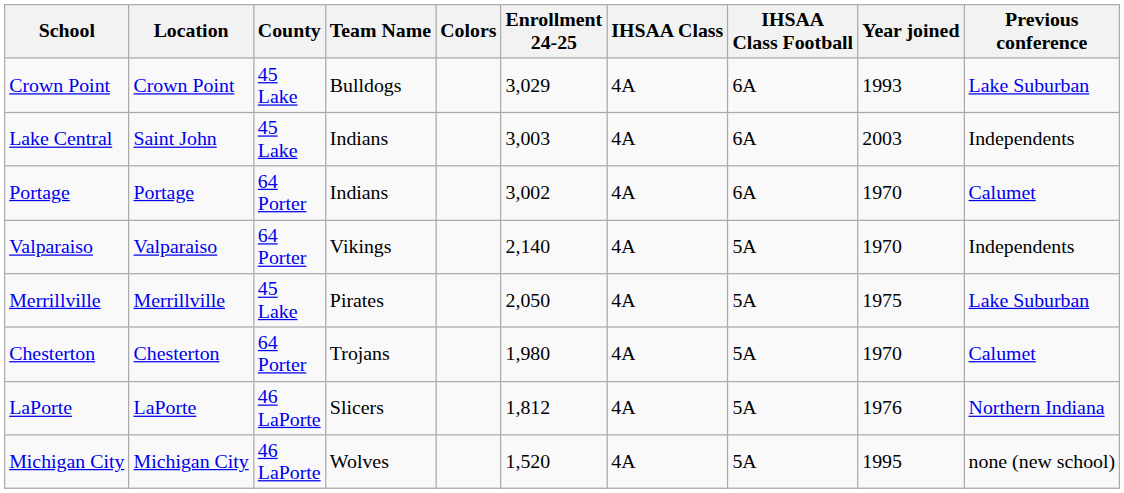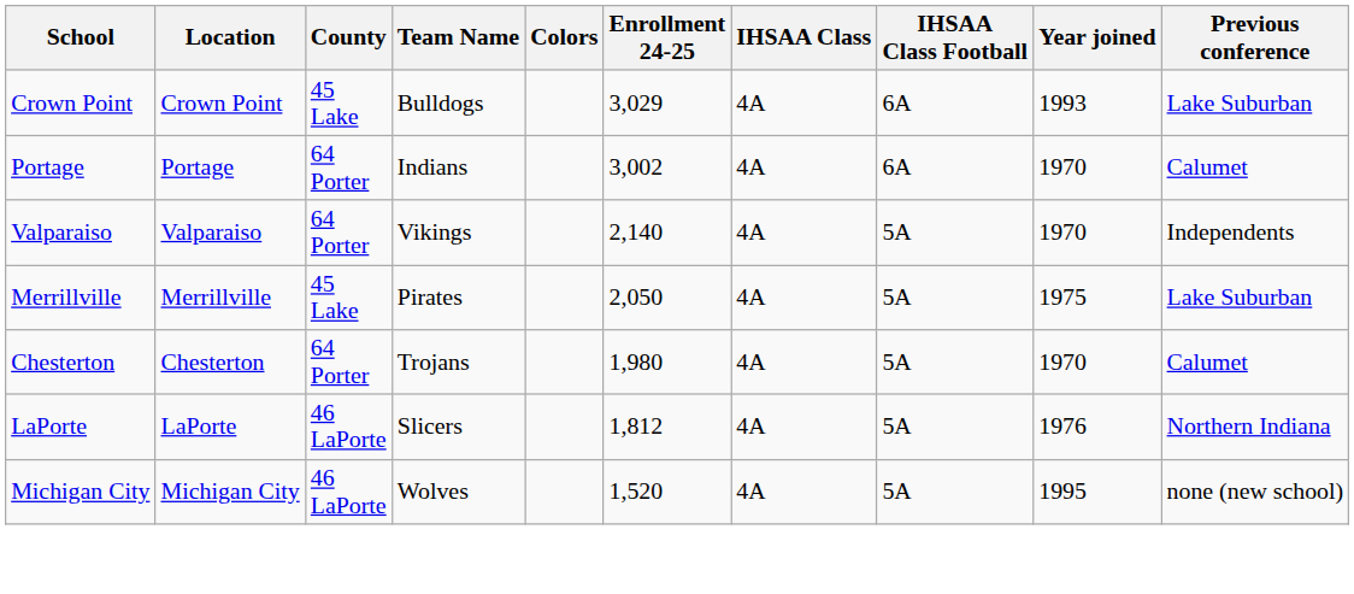 <table class="wikitable">
 <tr>
 <th>School</th>
 <th>Location</th>
 <th>County</th>
 <th>Team Name</th>
 <th>Colors</th>
 <th>Enrollment<br>24-25</th>
 <th>IHSAA Class</th>
 <th>IHSAA<br>Class Football</th>
 <th>Year joined</th>
 <th>Previous<br>conference</th>
 </tr>
 <tr>
 <td><a href='#'>Crown Point</a></td>
 <td><a href='#'>Crown Point</a></td>
 <td><a href='#'>45 <br> Lake</a></td>
 <td>Bulldogs</td>
 <td> </td>
 <td>3,029</td>
 <td>4A</td>
 <td>6A</td>
 <td>1993</td>
 <td><a href='#'>Lake Suburban</a></td>
-</tr>
-<tr>
-<td><a href='#'>Lake Central</a></td>
-<td><a href='#'>Saint John</a></td>
-<td><a href='#'>45 <br> Lake</a></td>
-<td>Indians</td>
-<td> </td>
-<td>3,003</td>
-<td>4A</td>
-<td>6A</td>
-<td>2003</td>
-<td>Independents</td>
 </tr>
 <tr>
 <td><a href='#'>Portage</a></td>
 <td><a href='#'>Portage</a></td>
 <td><a href='#'>64 <br> Porter</a></td>
 <td>Indians</td>
 <td> </td>
 <td>3,002</td>
 <td>4A</td>
 <td>6A</td>
 <td>1970</td>
 <td><a href='#'>Calumet</a></td>
 </tr>
 <tr>
 <td><a href='#'>Valparaiso</a></td>
 <td><a href='#'>Valparaiso</a></td>
 <td><a href='#'>64 <br> Porter</a></td>
 <td>Vikings</td>
 <td> </td>
 <td>2,140</td>
 <td>4A</td>
 <td>5A</td>
 <td>1970</td>
 <td>Independents</td>
 </tr>
 <tr>
 <td><a href='#'>Merrillville</a></td>
 <td><a href='#'>Merrillville</a></td>
 <td><a href='#'>45 <br> Lake</a></td>
 <td>Pirates</td>
 <td>    </td>
 <td>2,050</td>
 <td>4A</td>
 <td>5A</td>
 <td>1975</td>
 <td><a href='#'>Lake Suburban</a></td>
 </tr>
 <tr>
 <td><a href='#'>Chesterton</a></td>
 <td><a href='#'>Chesterton</a></td>
 <td><a href='#'>64 <br> Porter</a></td>
 <td>Trojans</td>
 <td> </td>
 <td>1,980</td>
 <td>4A</td>
 <td>5A</td>
 <td>1970</td>
 <td><a href='#'>Calumet</a></td>
 </tr>
 <tr>
 <td><a href='#'>LaPorte</a></td>
 <td><a href='#'>LaPorte</a></td>
 <td><a href='#'>46 <br> LaPorte</a></td>
 <td>Slicers</td>
 <td> </td>
 <td>1,812</td>
 <td>4A</td>
 <td>5A</td>
 <td>1976</td>
 <td><a href='#'>Northern Indiana</a></td>
 </tr>
 <tr>
 <td><a href='#'>Michigan City</a></td>
 <td><a href='#'>Michigan City</a></td>
 <td><a href='#'>46 <br> LaPorte</a></td>
 <td>Wolves</td>
 <td>  </td>
 <td>1,520</td>
 <td>4A</td>
 <td>5A</td>
 <td>1995</td>
 <td>none (new school)</td>
 </tr>
 </table>
